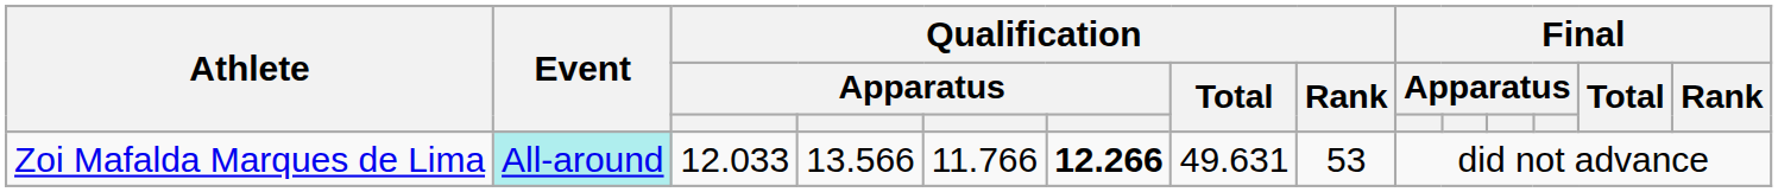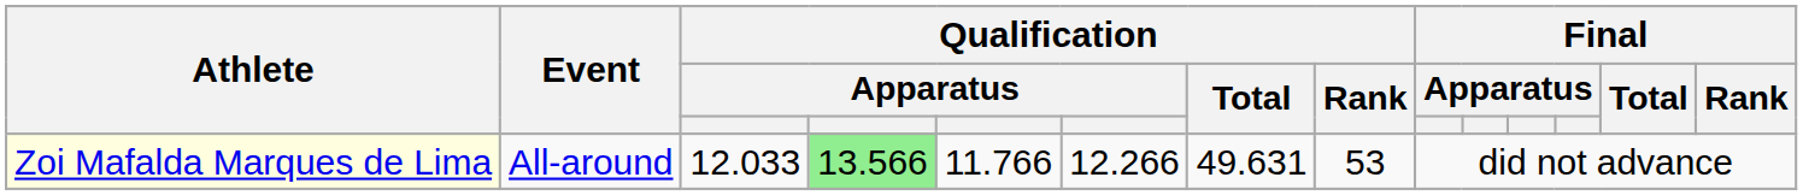 <table class="wikitable" style="font-size:90%">
 <tr>
 <th rowspan=3>Athlete</th>
 <th rowspan=3>Event</th>
 <th colspan =6>Qualification</th>
 <th colspan =6>Final</th>
 </tr>
 <tr style="font-size:95%">
 <th colspan=4>Apparatus</th>
 <th rowspan=2>Total</th>
 <th rowspan=2>Rank</th>
 <th colspan=4>Apparatus</th>
 <th rowspan=2>Total</th>
 <th rowspan=2>Rank</th>
 </tr>
 <tr style="font-size:95%">
 <th></th>
 <th></th>
 <th></th>
 <th></th>
 <th></th>
 <th></th>
 <th></th>
 <th></th>
 </tr>
 <tr align=center>
-<td align=left><a href='#'>Zoi Mafalda Marques de Lima</a></td>
-<td align=left style="background: paleturquoise;"><a href='#'>All-around</a></td>
+<td align=left style="background: lightyellow;"><a href='#'>Zoi Mafalda Marques de Lima</a></td>
+<td align=left><a href='#'>All-around</a></td>
 <td>12.033</td>
-<td>13.566</td>
+<td style="background: lightgreen;">13.566</td>
 <td>11.766</td>
-<td><strong>12.266</strong></td>
+<td>12.266</td>
 <td>49.631</td>
 <td>53</td>
 <td colspan=6>did not advance</td>
 </tr>
 </table>
